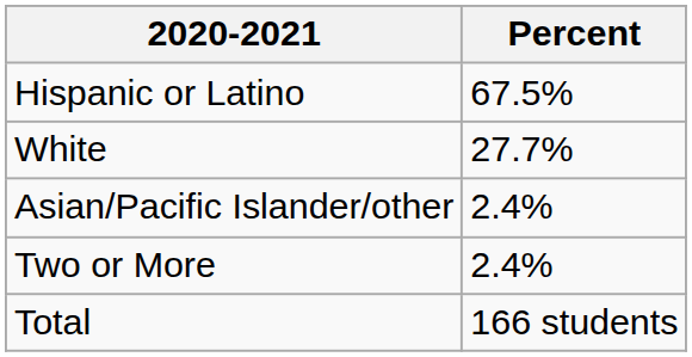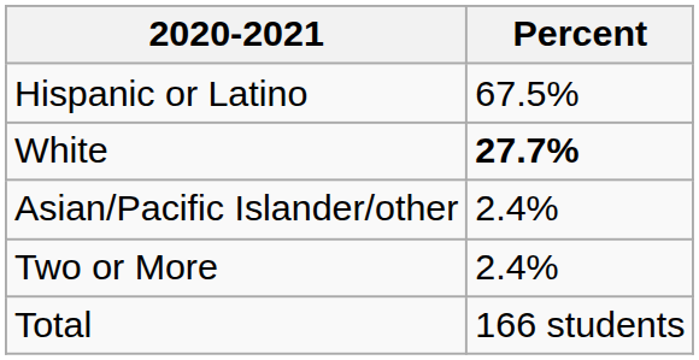 <table class="wikitable">
 <tr>
 <th>2020-2021</th>
 <th>Percent</th>
 </tr>
 <tr>
 <td>Hispanic or Latino</td>
 <td>67.5%</td>
 </tr>
 <tr>
 <td>White</td>
-<td>27.7%</td>
+<td><strong>27.7%</strong></td>
 </tr>
 <tr>
 <td>Asian/Pacific Islander/other</td>
 <td>2.4%</td>
 </tr>
 <tr>
 <td>Two or More</td>
 <td>2.4%</td>
 </tr>
 <tr>
 <td>Total</td>
 <td>166 students</td>
 </tr>
 </table>
